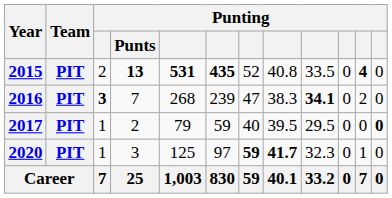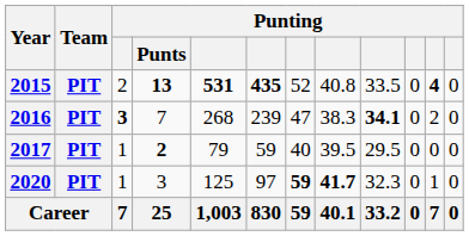 <table class=wikitable style="text-align:center;">
 <tr>
 <th rowspan="2">Year</th>
 <th rowspan="2">Team</th>
 <th colspan="10">Punting</th>
 </tr>
 <tr>
 <th></th>
 <th>Punts</th>
 <th></th>
 <th></th>
 <th></th>
 <th></th>
 <th></th>
 <th></th>
 <th></th>
 <th></th>
 </tr>
 <tr>
 <th><a href='#'>2015</a></th>
 <th><a href='#'>PIT</a></th>
 <td>2</td>
 <td><strong>13</strong></td>
 <td><strong>531</strong></td>
 <td><strong>435</strong></td>
 <td>52</td>
 <td>40.8</td>
 <td>33.5</td>
 <td>0</td>
 <td><strong>4</strong></td>
 <td>0</td>
 </tr>
 <tr>
 <th><a href='#'>2016</a></th>
 <th><a href='#'>PIT</a></th>
 <td><strong>3</strong></td>
 <td>7</td>
 <td>268</td>
 <td>239</td>
 <td>47</td>
 <td>38.3</td>
 <td><strong>34.1</strong></td>
 <td>0</td>
 <td>2</td>
 <td>0</td>
 </tr>
 <tr>
 <th><a href='#'>2017</a></th>
 <th><a href='#'>PIT</a></th>
 <td>1</td>
-<td>2</td>
+<td><strong>2</strong></td>
 <td>79</td>
 <td>59</td>
 <td>40</td>
 <td>39.5</td>
 <td>29.5</td>
 <td>0</td>
 <td>0</td>
-<td><strong>0</strong></td>
+<td>0</td>
 </tr>
 <tr>
 <th><a href='#'>2020</a></th>
 <th><a href='#'>PIT</a></th>
 <td>1</td>
 <td>3</td>
 <td>125</td>
 <td>97</td>
 <td><strong>59</strong></td>
 <td><strong>41.7</strong></td>
 <td>32.3</td>
 <td>0</td>
 <td>1</td>
 <td>0</td>
 </tr>
 <tr>
 <th colspan="2">Career</th>
 <th>7</th>
 <th>25</th>
 <th>1,003</th>
 <th>830</th>
 <th>59</th>
 <th>40.1</th>
 <th>33.2</th>
 <th>0</th>
 <th>7</th>
 <th>0</th>
 </tr>
 </table>
